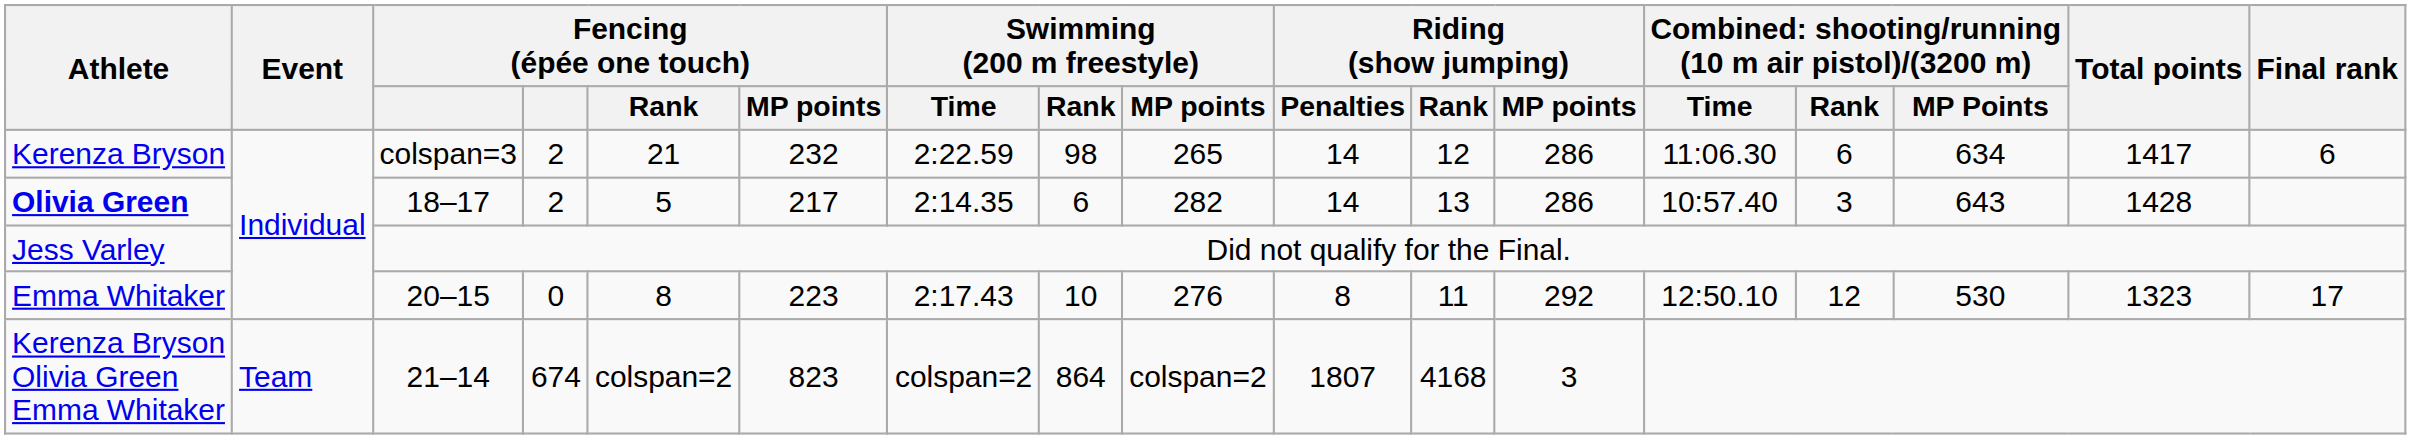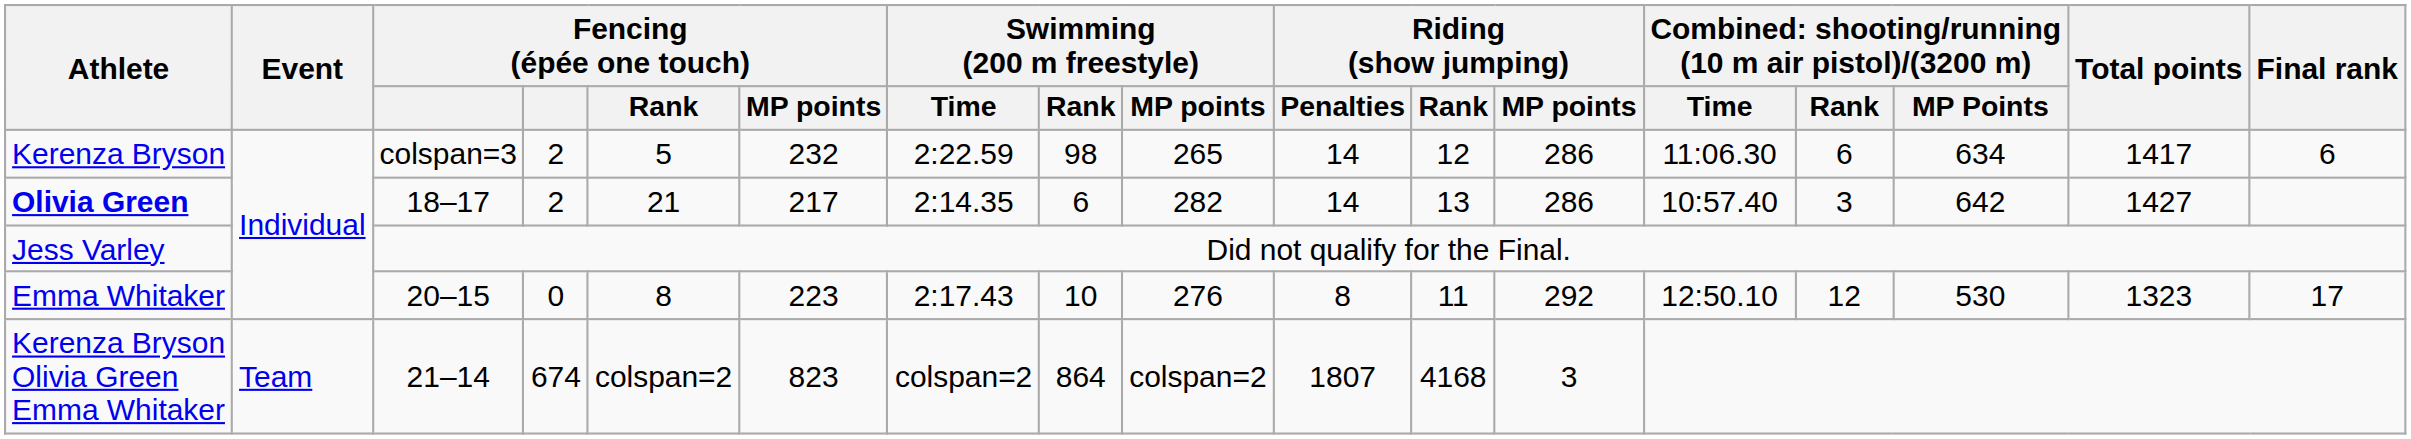 <table class=wikitable style=font-size:90%;text-align:center>
 <tr>
 <th rowspan=2>Athlete</th>
 <th rowspan=2>Event</th>
 <th colspan=4>Fencing<br><span>(épée one touch)</span></th>
 <th colspan=3>Swimming<br><span>(200 m freestyle)</span></th>
 <th colspan=3>Riding<br><span>(show jumping)</span></th>
 <th colspan=3>Combined: shooting/running<br><span>(10 m air pistol)/(3200 m)</span></th>
 <th rowspan=2>Total points</th>
 <th rowspan=2>Final rank</th>
 </tr>
 <tr style=font-size:95%>
 <th></th>
 <th></th>
 <th>Rank</th>
 <th>MP points</th>
 <th>Time</th>
 <th>Rank</th>
 <th>MP points</th>
 <th>Penalties</th>
 <th>Rank</th>
 <th>MP points</th>
 <th>Time</th>
 <th>Rank</th>
 <th>MP Points</th>
 </tr>
 <tr>
 <td align=left><a href='#'>Kerenza Bryson</a></td>
 <td align=left rowspan=4><a href='#'>Individual</a></td>
 <td>colspan=3 </td>
 <td>2</td>
-<td>21</td>
+<td>5</td>
 <td>232</td>
 <td>2:22.59</td>
 <td>98</td>
 <td>265</td>
 <td>14</td>
 <td>12</td>
 <td>286</td>
 <td>11:06.30</td>
 <td>6</td>
 <td>634</td>
 <td>1417</td>
 <td>6</td>
 </tr>
 <tr>
 <td align=left><strong><a href='#'>Olivia Green</a></strong></td>
 <td>18–17</td>
 <td>2</td>
-<td>5</td>
+<td>21</td>
 <td>217</td>
 <td>2:14.35</td>
 <td>6</td>
 <td>282</td>
 <td>14</td>
 <td>13</td>
 <td>286</td>
 <td>10:57.40</td>
 <td>3</td>
-<td>643</td>
-<td>1428</td>
+<td>642</td>
+<td>1427</td>
 <td></td>
 </tr>
 <tr>
 <td align=left><a href='#'>Jess Varley</a></td>
 <td colspan=15>Did not qualify for the Final.</td>
 </tr>
 <tr>
 <td align=left><a href='#'>Emma Whitaker</a></td>
 <td>20–15</td>
 <td>0</td>
 <td>8</td>
 <td>223</td>
 <td>2:17.43</td>
 <td>10</td>
 <td>276</td>
 <td>8</td>
 <td>11</td>
 <td>292</td>
 <td>12:50.10</td>
 <td>12</td>
 <td>530</td>
 <td>1323</td>
 <td>17</td>
 </tr>
 <tr>
 <td align=left><a href='#'>Kerenza Bryson</a><br><a href='#'>Olivia Green</a><br><a href='#'>Emma Whitaker</a></td>
 <td align=left><a href='#'>Team</a></td>
 <td>21–14</td>
 <td>674</td>
 <td>colspan=2 </td>
 <td>823</td>
 <td>colspan=2 </td>
 <td>864</td>
 <td>colspan=2 </td>
 <td>1807</td>
 <td>4168</td>
 <td>3</td>
 </tr>
 </table>
